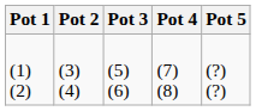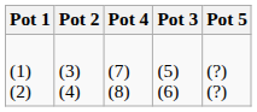 <table class="wikitable">
 <tr>
 <th width=20%>Pot 1</th>
 <th width=20%>Pot 2</th>
+<th width=20%>Pot 4</th>
 <th width=20%>Pot 3</th>
-<th width=20%>Pot 4</th>
 <th width=20%>Pot 5</th>
 </tr>
 <tr>
 <td><br> (1)<br>  (2)</td>
 <td><br> (3)<br>  (4)</td>
+<td><br> (7)<br>  (8)</td>
 <td><br> (5)<br>  (6)</td>
-<td><br> (7)<br>  (8)</td>
 <td><br> (?)<br>  (?)</td>
 </tr>
 </table>
